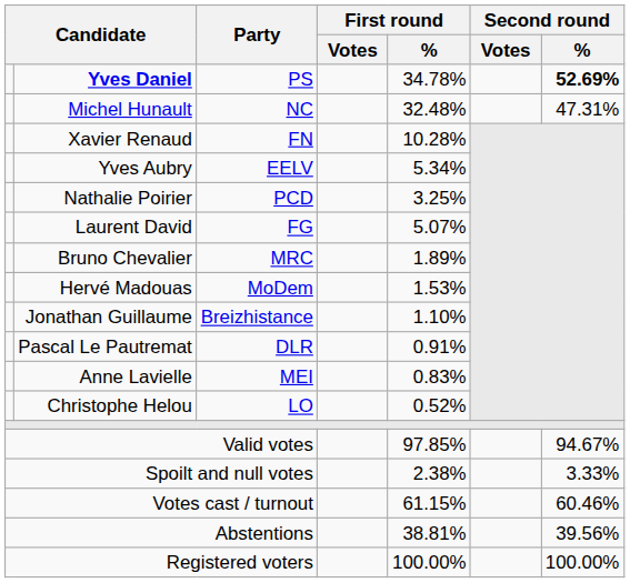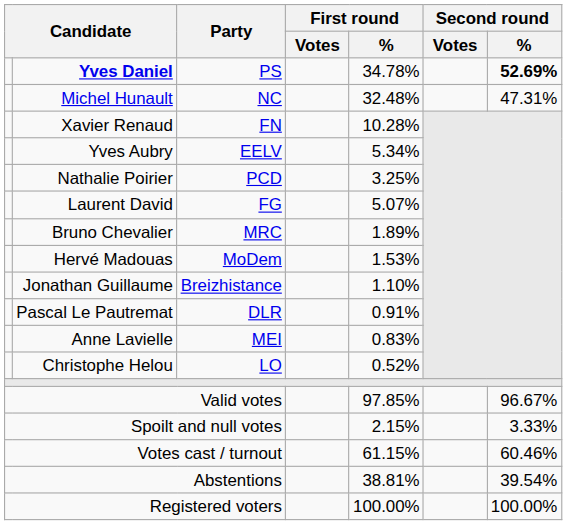 <table class="wikitable" style="text-align:right;font-size:95%;">
 <tr>
 <th rowspan=2 colspan=2>Candidate</th>
 <th rowspan=2 colspan=1>Party</th>
 <th colspan=2>First round</th>
 <th colspan=2>Second round</th>
 </tr>
 <tr>
 <th style="width:50px;">Votes</th>
 <th style="width:55px;">%</th>
 <th style="width:50px;">Votes</th>
 <th style="width:55px;">%</th>
 </tr>
 <tr>
 <td style="color:inherit;background-color:"></td>
 <td><strong><a href='#'>Yves Daniel</a></strong></td>
 <td><a href='#'>PS</a></td>
 <td></td>
 <td>34.78%</td>
 <td><strong></strong></td>
 <td><strong>52.69%</strong></td>
 </tr>
 <tr>
 <td style="color:inherit;background-color:"></td>
 <td><a href='#'>Michel Hunault</a></td>
 <td><a href='#'>NC</a></td>
 <td></td>
 <td>32.48%</td>
 <td></td>
 <td>47.31%</td>
 </tr>
 <tr>
 <td style="color:inherit;background-color:"></td>
 <td>Xavier Renaud</td>
 <td><a href='#'>FN</a></td>
 <td></td>
 <td>10.28%</td>
 <td colspan=7 rowspan=10 style="background-color:#E9E9E9;"></td>
 </tr>
 <tr>
 <td style="color:inherit;background-color:"></td>
 <td>Yves Aubry</td>
 <td><a href='#'>EELV</a></td>
 <td></td>
 <td>5.34%</td>
 </tr>
 <tr>
 <td style="color:inherit;background-color:"></td>
 <td>Nathalie Poirier</td>
 <td><a href='#'>PCD</a></td>
 <td></td>
 <td>3.25%</td>
 </tr>
 <tr>
 <td style="color:inherit;background-color:"></td>
 <td>Laurent David</td>
 <td><a href='#'>FG</a></td>
 <td></td>
 <td>5.07%</td>
 </tr>
 <tr>
 <td style="color:inherit;background-color:"></td>
 <td>Bruno Chevalier</td>
 <td><a href='#'>MRC</a></td>
 <td></td>
 <td>1.89%</td>
 </tr>
 <tr>
 <td style="color:inherit;background-color:"></td>
 <td>Hervé Madouas</td>
 <td><a href='#'>MoDem</a></td>
 <td></td>
 <td>1.53%</td>
 </tr>
 <tr>
 <td style="color:inherit;background-color:"></td>
 <td>Jonathan Guillaume</td>
 <td><a href='#'>Breizhistance</a></td>
 <td></td>
 <td>1.10%</td>
 </tr>
 <tr>
 <td style="color:inherit;background-color:"></td>
 <td>Pascal Le Pautremat</td>
 <td><a href='#'>DLR</a></td>
 <td></td>
 <td>0.91%</td>
 </tr>
 <tr>
 <td style="color:inherit;background-color:"></td>
 <td>Anne Lavielle</td>
 <td><a href='#'>MEI</a></td>
 <td></td>
 <td>0.83%</td>
 </tr>
 <tr>
 <td style="color:inherit;background-color:"></td>
 <td>Christophe Helou</td>
 <td><a href='#'>LO</a></td>
 <td></td>
 <td>0.52%</td>
 </tr>
 <tr>
 <td colspan=7 style="background-color:#E9E9E9;"></td>
 </tr>
 <tr>
 <td colspan=3>Valid votes</td>
 <td></td>
 <td>97.85%</td>
 <td></td>
-<td>94.67%</td>
+<td>96.67%</td>
 </tr>
 <tr>
 <td colspan=3>Spoilt and null votes</td>
 <td></td>
-<td>2.38%</td>
+<td>2.15%</td>
 <td></td>
 <td>3.33%</td>
 </tr>
 <tr>
 <td colspan=3>Votes cast / turnout</td>
 <td></td>
 <td>61.15%</td>
 <td></td>
 <td>60.46%</td>
 </tr>
 <tr>
 <td colspan=3>Abstentions</td>
 <td></td>
 <td>38.81%</td>
 <td></td>
-<td>39.56%</td>
+<td>39.54%</td>
 </tr>
 <tr>
 <td colspan=3>Registered voters</td>
 <td></td>
 <td>100.00%</td>
 <td></td>
 <td>100.00%</td>
 </tr>
 </table>
